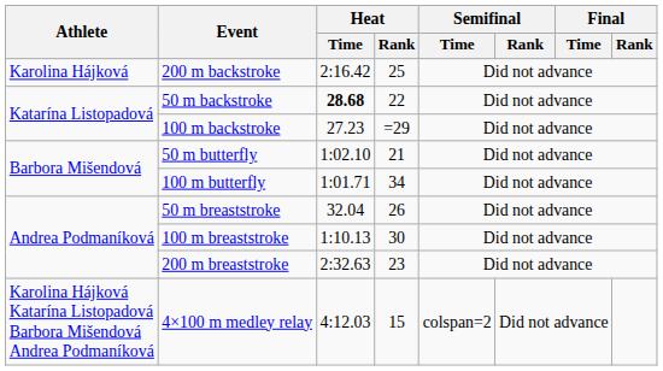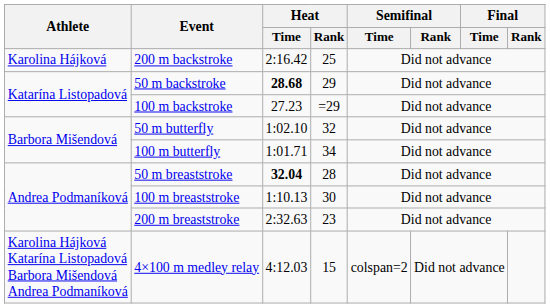 <table class=wikitable style="font-size:90%">
 <tr>
 <th rowspan="2">Athlete</th>
 <th rowspan="2">Event</th>
 <th colspan="2">Heat</th>
 <th colspan="2">Semifinal</th>
 <th colspan="2">Final</th>
 </tr>
 <tr style="font-size:95%">
 <th>Time</th>
 <th>Rank</th>
 <th>Time</th>
 <th>Rank</th>
 <th>Time</th>
 <th>Rank</th>
 </tr>
 <tr align=center>
 <td align=left><a href='#'>Karolina Hájková</a></td>
 <td align=left><a href='#'>200 m backstroke</a></td>
 <td>2:16.42</td>
 <td>25</td>
 <td colspan=4>Did not advance</td>
 </tr>
 <tr align=center>
 <td align=left rowspan=2><a href='#'>Katarína Listopadová</a></td>
 <td align=left><a href='#'>50 m backstroke</a></td>
 <td><strong>28.68</strong></td>
-<td>22</td>
+<td>29</td>
 <td colspan=4>Did not advance</td>
 </tr>
 <tr align=center>
 <td align=left><a href='#'>100 m backstroke</a></td>
 <td>27.23</td>
 <td>=29</td>
 <td colspan=4>Did not advance</td>
 </tr>
 <tr align=center>
 <td align=left rowspan=2><a href='#'>Barbora Mišendová</a></td>
 <td align=left><a href='#'>50 m butterfly</a></td>
 <td>1:02.10</td>
-<td>21</td>
+<td>32</td>
 <td colspan=4>Did not advance</td>
 </tr>
 <tr align=center>
 <td align=left><a href='#'>100 m butterfly</a></td>
 <td>1:01.71</td>
 <td>34</td>
 <td colspan=4>Did not advance</td>
 </tr>
 <tr align=center>
 <td align=left rowspan=3><a href='#'>Andrea Podmaníková</a></td>
 <td align=left><a href='#'>50 m breaststroke</a></td>
-<td>32.04</td>
-<td>26</td>
+<td><strong>32.04</strong></td>
+<td>28</td>
 <td colspan=4>Did not advance</td>
 </tr>
 <tr align=center>
 <td align=left><a href='#'>100 m breaststroke</a></td>
 <td>1:10.13</td>
 <td>30</td>
 <td colspan=4>Did not advance</td>
 </tr>
 <tr align=center>
 <td align=left><a href='#'>200 m breaststroke</a></td>
 <td>2:32.63</td>
 <td>23</td>
 <td colspan=4>Did not advance</td>
 </tr>
 <tr align=center>
 <td align=left><a href='#'>Karolina Hájková</a><br><a href='#'>Katarína Listopadová</a><br><a href='#'>Barbora Mišendová</a><br><a href='#'>Andrea Podmaníková</a></td>
 <td align=left><a href='#'>4×100 m medley relay</a></td>
 <td>4:12.03</td>
 <td>15</td>
 <td>colspan=2 </td>
 <td colspan=2>Did not advance</td>
 </tr>
 </table>
